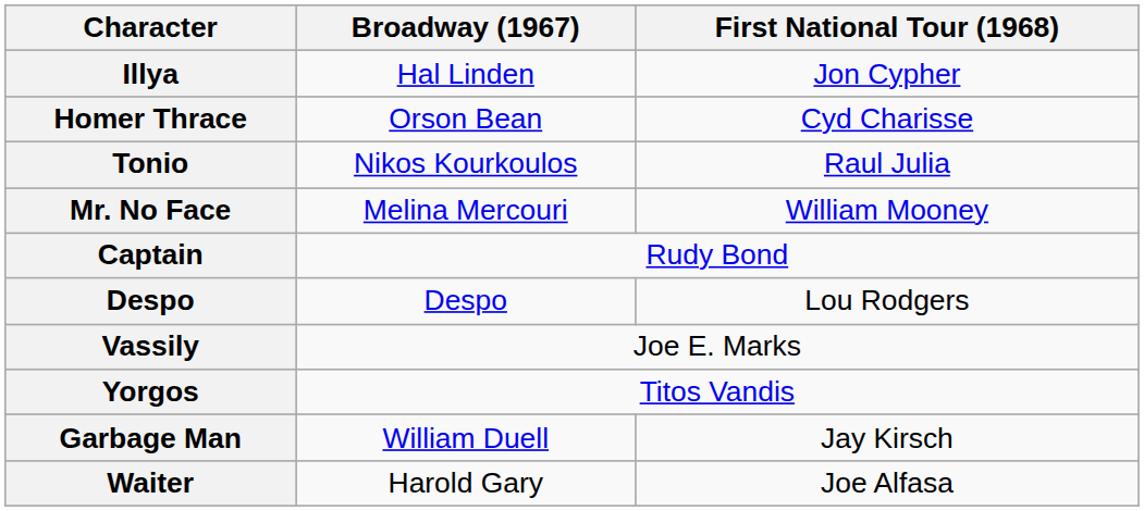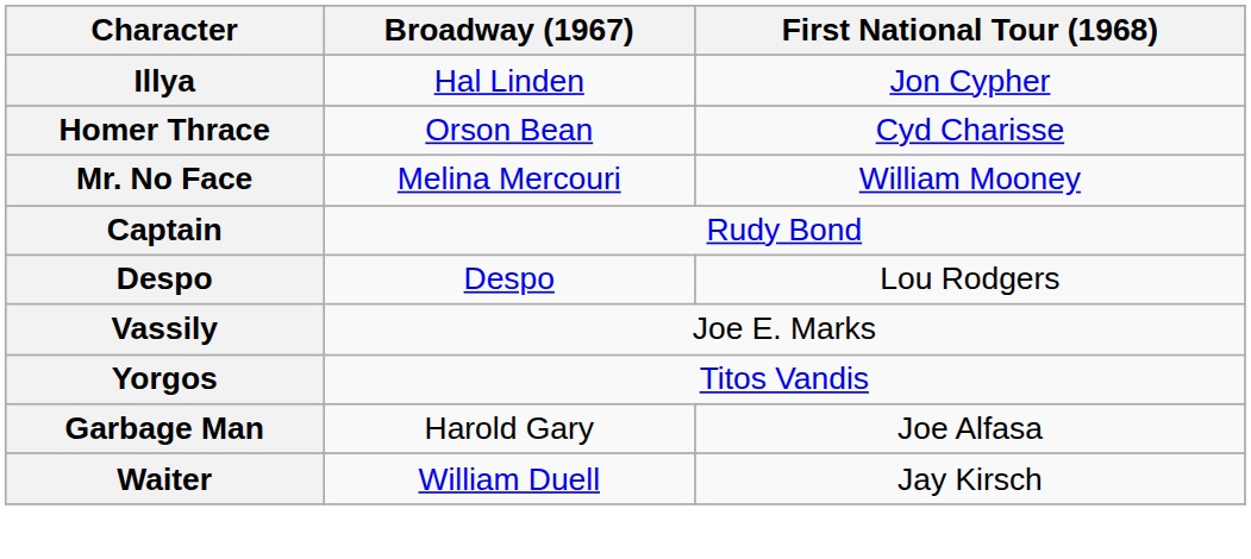 <table class="wikitable" style="width:50%; text-align:center">
 <tr>
 <th scope="col">Character</th>
 <th>Broadway (1967)</th>
 <th>First National Tour (1968)</th>
 </tr>
 <tr>
 <th>Illya</th>
 <td colspan="1"><a href='#'>Hal Linden</a></td>
 <td colspan="1”"><a href='#'>Jon Cypher</a></td>
 </tr>
 <tr>
 <th>Homer Thrace</th>
 <td colspan="1”"><a href='#'>Orson Bean</a></td>
 <td colspan="1"><a href='#'>Cyd Charisse</a></td>
-</tr>
-<tr>
-<th>Tonio</th>
-<td colspan="1”"><a href='#'>Nikos Kourkoulos</a></td>
-<td colspan="1”"><a href='#'>Raul Julia</a></td>
 </tr>
 <tr>
 <th>Mr. No Face</th>
 <td colspan="1"><a href='#'>Melina Mercouri</a></td>
 <td colspan="1"><a href='#'>William Mooney</a></td>
 </tr>
 <tr>
 <th>Captain</th>
 <td colspan="2"><a href='#'>Rudy Bond</a></td>
 </tr>
 <tr>
 <th>Despo</th>
 <td colspan="1"><a href='#'>Despo</a></td>
 <td colspan="1">Lou Rodgers</td>
 </tr>
 <tr>
 <th>Vassily</th>
 <td colspan="2">Joe E. Marks</td>
 </tr>
 <tr>
 <th>Yorgos</th>
 <td colspan="2"><a href='#'>Titos Vandis</a></td>
 </tr>
 <tr>
 <th>Garbage Man</th>
+<td colspan="1">Harold Gary</td>
+<td colspan="1">Joe Alfasa</td>
+</tr>
+<tr>
+<th>Waiter</th>
 <td colspan="1"><a href='#'>William Duell</a></td>
 <td colspan="1">Jay Kirsch</td>
 </tr>
-<tr>
-<th>Waiter</th>
-<td colspan="1">Harold Gary</td>
-<td colspan="1">Joe Alfasa</td>
-</tr>
 </table>
